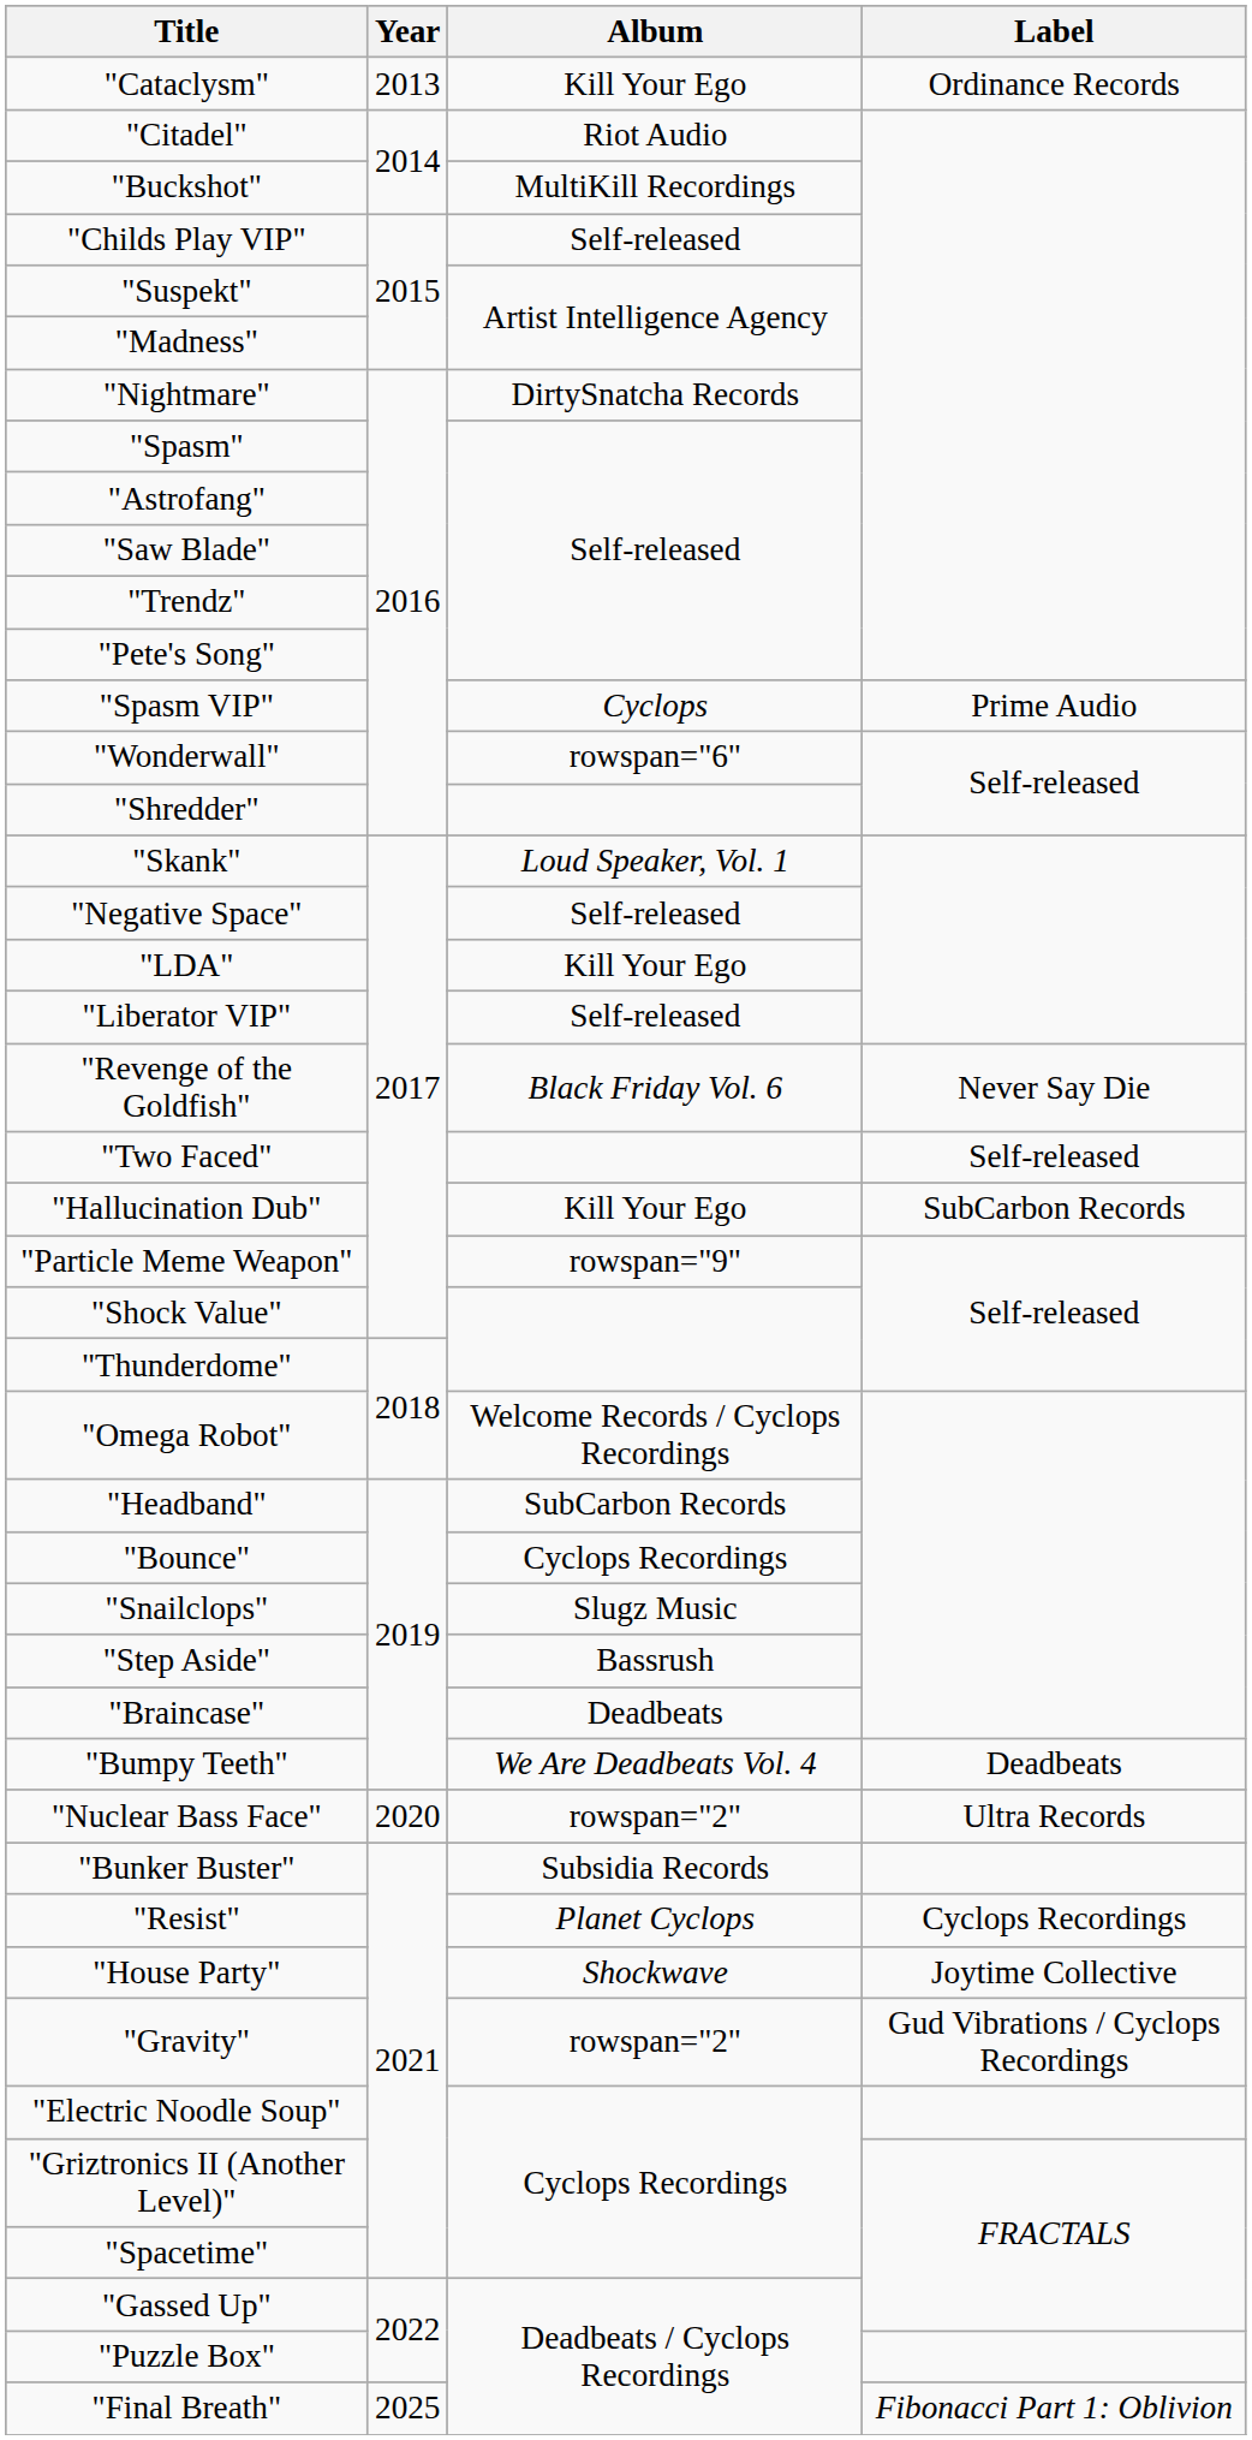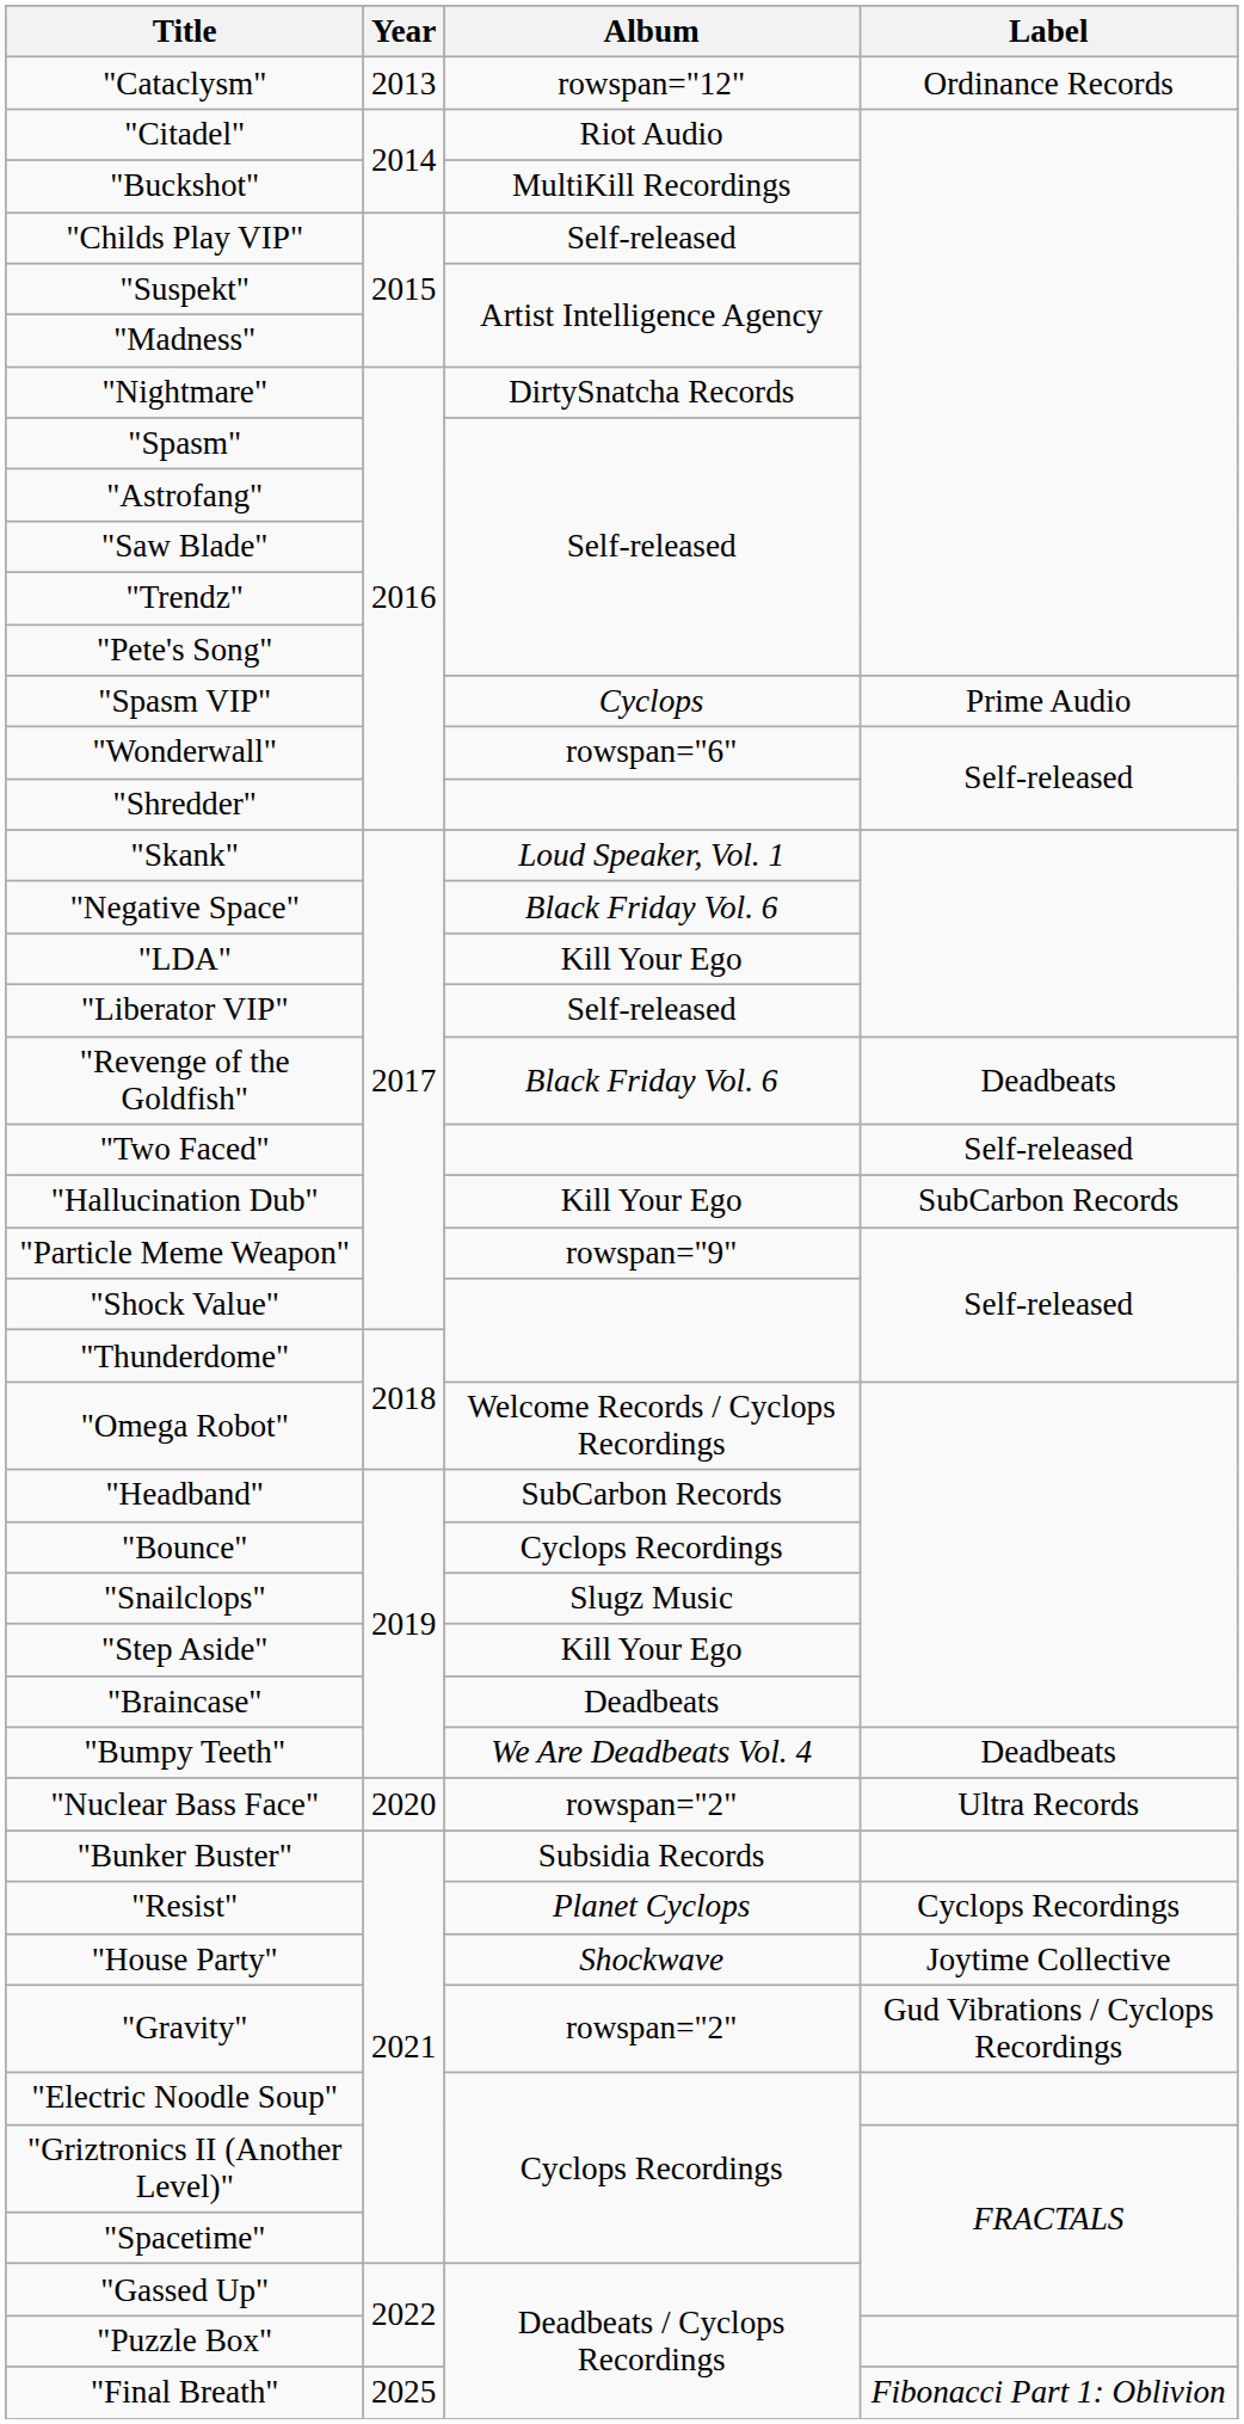 <table class="wikitable plainrowheaders" style="text-align:center;">
 <tr>
 <th scope="col">Title</th>
 <th scope="col">Year</th>
 <th scope="col">Album</th>
 <th scope="col">Label</th>
 </tr>
 <tr>
 <td>"Cataclysm"</td>
 <td>2013</td>
-<td>Kill Your Ego</td>
+<td>rowspan="12" </td>
 <td>Ordinance Records</td>
 </tr>
 <tr>
 <td>"Citadel" </td>
 <td rowspan="2">2014</td>
 <td>Riot Audio</td>
 </tr>
 <tr>
 <td>"Buckshot" </td>
 <td>MultiKill Recordings</td>
 </tr>
 <tr>
 <td>"Childs Play VIP"</td>
 <td rowspan="3">2015</td>
 <td>Self-released</td>
 </tr>
 <tr>
 <td>"Suspekt" </td>
 <td rowspan="2">Artist Intelligence Agency</td>
 </tr>
 <tr>
 <td>"Madness" </td>
 </tr>
 <tr>
 <td>"Nightmare"</td>
 <td rowspan="9">2016</td>
 <td>DirtySnatcha Records</td>
 </tr>
 <tr>
 <td>"Spasm"</td>
 <td rowspan="5">Self-released</td>
 </tr>
 <tr>
 <td>"Astrofang"</td>
 </tr>
 <tr>
 <td>"Saw Blade" </td>
 </tr>
 <tr>
 <td>"Trendz" </td>
 </tr>
 <tr>
 <td>"Pete's Song" </td>
 </tr>
 <tr>
 <td>"Spasm VIP"</td>
 <td><em>Cyclops</em></td>
 <td>Prime Audio</td>
 </tr>
 <tr>
 <td>"Wonderwall"</td>
 <td>rowspan="6" </td>
 <td rowspan="2">Self-released</td>
 </tr>
 <tr>
 <td>"Shredder" </td>
 </tr>
 <tr>
 <td>"Skank"</td>
 <td rowspan="9">2017</td>
 <td><em>Loud Speaker, Vol. 1</em></td>
 </tr>
 <tr>
 <td>"Negative Space"</td>
-<td>Self-released</td>
+<td><em>Black Friday Vol. 6</em></td>
 </tr>
 <tr>
 <td>"LDA" </td>
 <td>Kill Your Ego</td>
 </tr>
 <tr>
 <td>"Liberator VIP"</td>
 <td>Self-released</td>
 </tr>
 <tr>
 <td>"Revenge of the Goldfish" </td>
 <td><em>Black Friday Vol. 6</em></td>
-<td>Never Say Die</td>
+<td>Deadbeats</td>
 </tr>
 <tr>
 <td>"Two Faced" </td>
 <td></td>
 <td>Self-released</td>
 </tr>
 <tr>
 <td>"Hallucination Dub"</td>
 <td>Kill Your Ego</td>
 <td>SubCarbon Records</td>
 </tr>
 <tr>
 <td>"Particle Meme Weapon"</td>
 <td>rowspan="9" </td>
 <td rowspan="3">Self-released</td>
 </tr>
 <tr>
 <td>"Shock Value"</td>
 </tr>
 <tr>
 <td>"Thunderdome" </td>
 <td rowspan="2">2018</td>
 </tr>
 <tr>
 <td>"Omega Robot" </td>
 <td>Welcome Records / Cyclops Recordings</td>
 </tr>
 <tr>
 <td>"Headband" </td>
 <td rowspan="6">2019</td>
 <td>SubCarbon Records</td>
 </tr>
 <tr>
 <td>"Bounce" </td>
 <td>Cyclops Recordings</td>
 </tr>
 <tr>
 <td>"Snailclops" </td>
 <td>Slugz Music</td>
 </tr>
 <tr>
 <td>"Step Aside" </td>
-<td>Bassrush</td>
+<td>Kill Your Ego</td>
 </tr>
 <tr>
 <td>"Braincase" </td>
 <td>Deadbeats</td>
 </tr>
 <tr>
 <td>"Bumpy Teeth" </td>
 <td><em>We Are Deadbeats Vol. 4</em></td>
 <td>Deadbeats</td>
 </tr>
 <tr>
 <td>"Nuclear Bass Face" </td>
 <td>2020</td>
 <td>rowspan="2" </td>
 <td>Ultra Records</td>
 </tr>
 <tr>
 <td>"Bunker Buster" </td>
 <td rowspan="7">2021</td>
 <td>Subsidia Records</td>
 </tr>
 <tr>
 <td>"Resist" </td>
 <td><em>Planet Cyclops</em></td>
 <td>Cyclops Recordings</td>
 </tr>
 <tr>
 <td>"House Party" </td>
 <td><em>Shockwave</em></td>
 <td>Joytime Collective</td>
 </tr>
 <tr>
 <td>"Gravity" </td>
 <td>rowspan="2" </td>
 <td>Gud Vibrations / Cyclops Recordings</td>
 </tr>
 <tr>
 <td>"Electric Noodle Soup" </td>
 <td rowspan="3">Cyclops Recordings</td>
 </tr>
 <tr>
 <td>"Griztronics II (Another Level)" </td>
 <td rowspan="3"><em>FRACTALS</em></td>
 </tr>
 <tr>
 <td>"Spacetime" </td>
 </tr>
 <tr>
 <td>"Gassed Up" </td>
 <td rowspan="2">2022</td>
 <td rowspan="3">Deadbeats / Cyclops Recordings</td>
 </tr>
 <tr>
 <td>"Puzzle Box" </td>
 <td></td>
 </tr>
 <tr>
 <td>"Final Breath" </td>
 <td>2025</td>
 <td><em>Fibonacci Part 1: Oblivion</em></td>
 </tr>
 <tr>
 </tr>
 </table>
